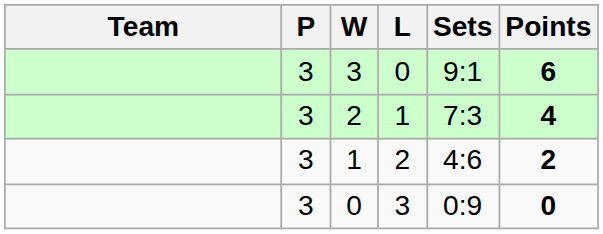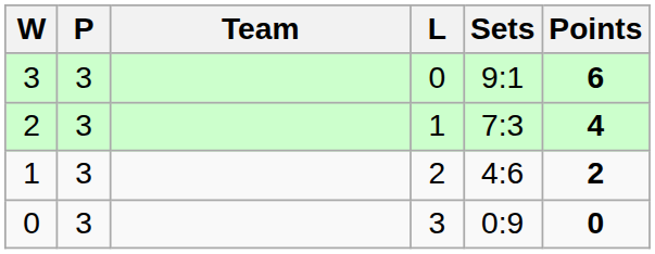 <table class="wikitable" style="text-align:center;">
 <tr>
+<th width=20>W</th>
+<th width=20>P</th>
 <th width=150>Team</th>
-<th width=20>P</th>
-<th width=20>W</th>
 <th width=20>L</th>
 <th width=20>Sets</th>
 <th width=20>Points</th>
 </tr>
 <tr bgcolor=#ccffcc>
-<td align="left"></td>
 <td>3</td>
 <td>3</td>
+<td align="left"></td>
 <td>0</td>
 <td>9:1</td>
 <td><strong>6</strong></td>
 </tr>
 <tr bgcolor=#ccffcc>
+<td>2</td>
+<td>3</td>
 <td align="left"></td>
-<td>3</td>
-<td>2</td>
 <td>1</td>
 <td>7:3</td>
 <td><strong>4</strong></td>
 </tr>
 <tr>
+<td>1</td>
+<td>3</td>
 <td align="left"></td>
-<td>3</td>
-<td>1</td>
 <td>2</td>
 <td>4:6</td>
 <td><strong>2</strong></td>
 </tr>
 <tr>
+<td>0</td>
+<td>3</td>
 <td align="left"></td>
-<td>3</td>
-<td>0</td>
 <td>3</td>
 <td>0:9</td>
 <td><strong>0</strong></td>
 </tr>
 </table>
